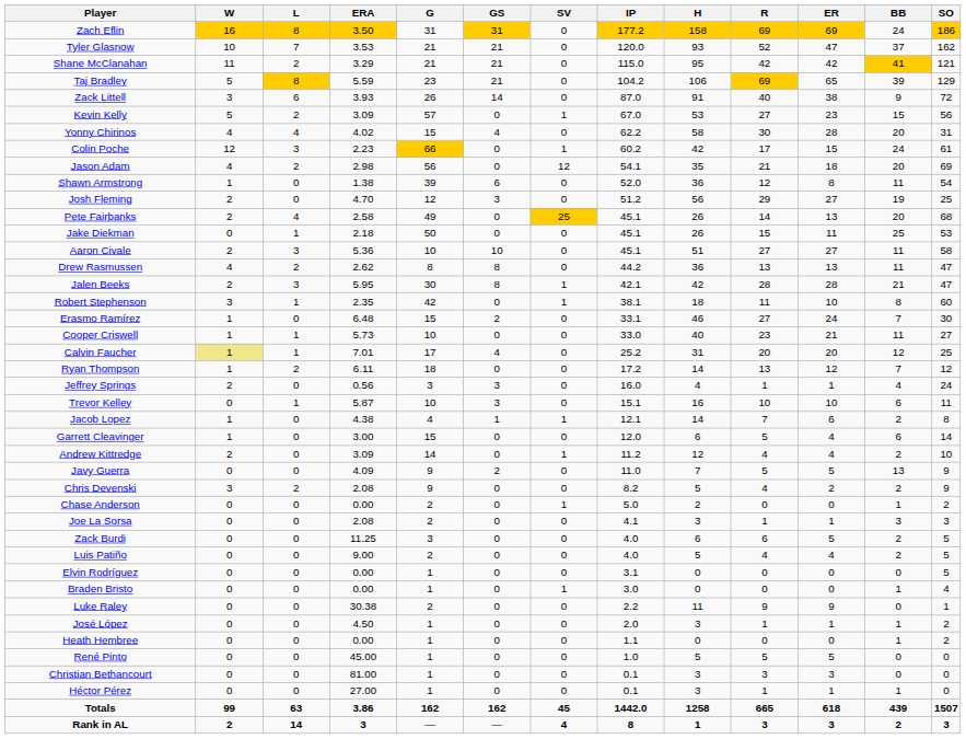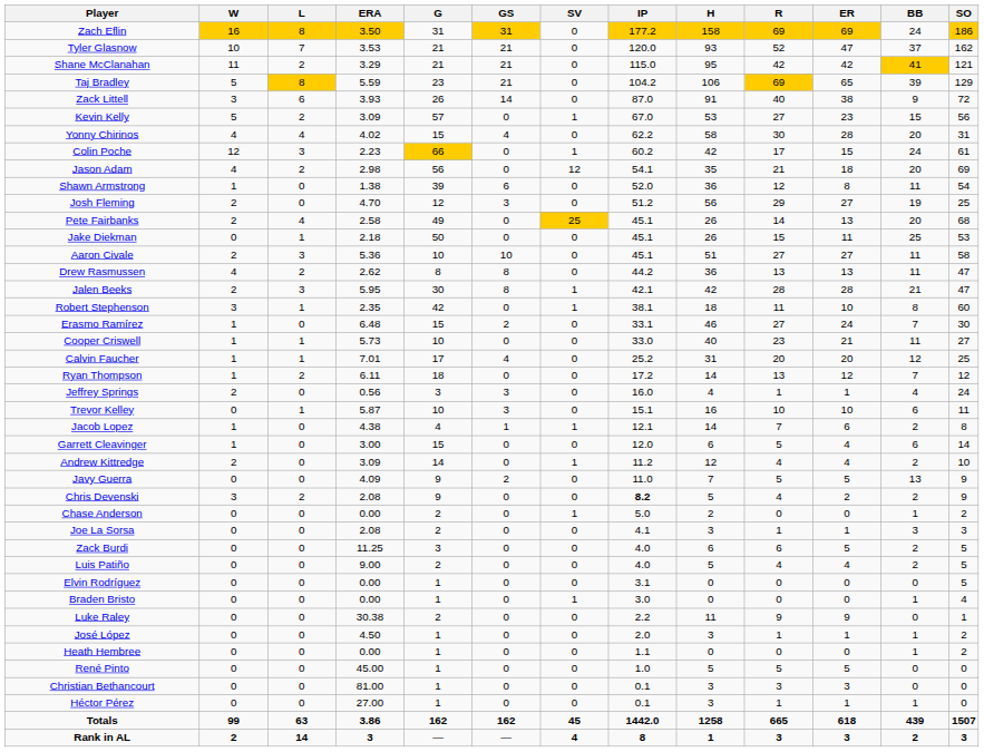 <table class=wikitable style="text-align:center">
 <tr>
 <th bgcolor=#DDDDFF; width="20%">Player</th>
 <th bgcolor=#DDDDFF; width="7%">W</th>
 <th bgcolor=#DDDDFF; width="7%">L</th>
 <th bgcolor=#DDDDFF; width="7%">ERA</th>
 <th bgcolor=#DDDDFF; width="7%">G</th>
 <th bgcolor=#DDDDFF; width="7%">GS</th>
 <th bgcolor=#DDDDFF; width="7%">SV</th>
 <th bgcolor=#DDDDFF; width="7%">IP</th>
 <th bgcolor=#DDDDFF; width="7%">H</th>
 <th bgcolor=#DDDDFF; width="7%">R</th>
 <th bgcolor=#DDDDFF; width="7%">ER</th>
 <th bgcolor=#DDDDFF; width="7%">BB</th>
 <th bgcolor=#DDDDFF; width="7%">SO</th>
 </tr>
 <tr>
 <td><a href='#'>Zach Eflin</a></td>
 <td bgcolor=#ffcc00>16</td>
 <td bgcolor=#ffcc00>8</td>
 <td bgcolor=#ffcc00>3.50</td>
 <td>31</td>
 <td bgcolor=#ffcc00>31</td>
 <td>0</td>
 <td bgcolor=#ffcc00>177.2</td>
 <td bgcolor=#ffcc00>158</td>
 <td bgcolor=#ffcc00>69</td>
 <td bgcolor=#ffcc00>69</td>
 <td>24</td>
 <td bgcolor=#ffcc00>186</td>
 </tr>
 <tr>
 <td><a href='#'>Tyler Glasnow</a></td>
 <td>10</td>
 <td>7</td>
 <td>3.53</td>
 <td>21</td>
 <td>21</td>
 <td>0</td>
 <td>120.0</td>
 <td>93</td>
 <td>52</td>
 <td>47</td>
 <td>37</td>
 <td>162</td>
 </tr>
 <tr>
 <td><a href='#'>Shane McClanahan</a></td>
 <td>11</td>
 <td>2</td>
 <td>3.29</td>
 <td>21</td>
 <td>21</td>
 <td>0</td>
 <td>115.0</td>
 <td>95</td>
 <td>42</td>
 <td>42</td>
 <td bgcolor=#ffcc00>41</td>
 <td>121</td>
 </tr>
 <tr>
 <td><a href='#'>Taj Bradley</a></td>
 <td>5</td>
 <td bgcolor=#ffccoo>8</td>
 <td>5.59</td>
 <td>23</td>
 <td>21</td>
 <td>0</td>
 <td>104.2</td>
 <td>106</td>
 <td bgcolor=#ffcc00>69</td>
 <td>65</td>
 <td>39</td>
 <td>129</td>
 </tr>
 <tr>
 <td><a href='#'>Zack Littell</a></td>
 <td>3</td>
 <td>6</td>
 <td>3.93</td>
 <td>26</td>
 <td>14</td>
 <td>0</td>
 <td>87.0</td>
 <td>91</td>
 <td>40</td>
 <td>38</td>
 <td>9</td>
 <td>72</td>
 </tr>
 <tr>
 <td><a href='#'>Kevin Kelly</a></td>
 <td>5</td>
 <td>2</td>
 <td>3.09</td>
 <td>57</td>
 <td>0</td>
 <td>1</td>
 <td>67.0</td>
 <td>53</td>
 <td>27</td>
 <td>23</td>
 <td>15</td>
 <td>56</td>
 </tr>
 <tr>
 <td><a href='#'>Yonny Chirinos</a></td>
 <td>4</td>
 <td>4</td>
 <td>4.02</td>
 <td>15</td>
 <td>4</td>
 <td>0</td>
 <td>62.2</td>
 <td>58</td>
 <td>30</td>
 <td>28</td>
 <td>20</td>
 <td>31</td>
 </tr>
 <tr>
 <td><a href='#'>Colin Poche</a></td>
 <td>12</td>
 <td>3</td>
 <td>2.23</td>
 <td bgcolor=#ffcc00>66</td>
 <td>0</td>
 <td>1</td>
 <td>60.2</td>
 <td>42</td>
 <td>17</td>
 <td>15</td>
 <td>24</td>
 <td>61</td>
 </tr>
 <tr>
 <td><a href='#'>Jason Adam</a></td>
 <td>4</td>
 <td>2</td>
 <td>2.98</td>
 <td>56</td>
 <td>0</td>
 <td>12</td>
 <td>54.1</td>
 <td>35</td>
 <td>21</td>
 <td>18</td>
 <td>20</td>
 <td>69</td>
 </tr>
 <tr>
 <td><a href='#'>Shawn Armstrong</a></td>
 <td>1</td>
 <td>0</td>
 <td>1.38</td>
 <td>39</td>
 <td>6</td>
 <td>0</td>
 <td>52.0</td>
 <td>36</td>
 <td>12</td>
 <td>8</td>
 <td>11</td>
 <td>54</td>
 </tr>
 <tr>
 <td><a href='#'>Josh Fleming</a></td>
 <td>2</td>
 <td>0</td>
 <td>4.70</td>
 <td>12</td>
 <td>3</td>
 <td>0</td>
 <td>51.2</td>
 <td>56</td>
 <td>29</td>
 <td>27</td>
 <td>19</td>
 <td>25</td>
 </tr>
 <tr>
 <td><a href='#'>Pete Fairbanks</a></td>
 <td>2</td>
 <td>4</td>
 <td>2.58</td>
 <td>49</td>
 <td>0</td>
 <td bgcolor=#ffcc00>25</td>
 <td>45.1</td>
 <td>26</td>
 <td>14</td>
 <td>13</td>
 <td>20</td>
 <td>68</td>
 </tr>
 <tr>
 <td><a href='#'>Jake Diekman</a></td>
 <td>0</td>
 <td>1</td>
 <td>2.18</td>
 <td>50</td>
 <td>0</td>
 <td>0</td>
 <td>45.1</td>
 <td>26</td>
 <td>15</td>
 <td>11</td>
 <td>25</td>
 <td>53</td>
 </tr>
 <tr>
 <td><a href='#'>Aaron Civale</a></td>
 <td>2</td>
 <td>3</td>
 <td>5.36</td>
 <td>10</td>
 <td>10</td>
 <td>0</td>
 <td>45.1</td>
 <td>51</td>
 <td>27</td>
 <td>27</td>
 <td>11</td>
 <td>58</td>
 </tr>
 <tr>
 <td><a href='#'>Drew Rasmussen</a></td>
 <td>4</td>
 <td>2</td>
 <td>2.62</td>
 <td>8</td>
 <td>8</td>
 <td>0</td>
 <td>44.2</td>
 <td>36</td>
 <td>13</td>
 <td>13</td>
 <td>11</td>
 <td>47</td>
 </tr>
 <tr>
 <td><a href='#'>Jalen Beeks</a></td>
 <td>2</td>
 <td>3</td>
 <td>5.95</td>
 <td>30</td>
 <td>8</td>
 <td>1</td>
 <td>42.1</td>
 <td>42</td>
 <td>28</td>
 <td>28</td>
 <td>21</td>
 <td>47</td>
 </tr>
 <tr>
 <td><a href='#'>Robert Stephenson</a></td>
 <td>3</td>
 <td>1</td>
 <td>2.35</td>
 <td>42</td>
 <td>0</td>
 <td>1</td>
 <td>38.1</td>
 <td>18</td>
 <td>11</td>
 <td>10</td>
 <td>8</td>
 <td>60</td>
 </tr>
 <tr>
 <td><a href='#'>Erasmo Ramírez</a></td>
 <td>1</td>
 <td>0</td>
 <td>6.48</td>
 <td>15</td>
 <td>2</td>
 <td>0</td>
 <td>33.1</td>
 <td>46</td>
 <td>27</td>
 <td>24</td>
 <td>7</td>
 <td>30</td>
 </tr>
 <tr>
 <td><a href='#'>Cooper Criswell</a></td>
 <td>1</td>
 <td>1</td>
 <td>5.73</td>
 <td>10</td>
 <td>0</td>
 <td>0</td>
 <td>33.0</td>
 <td>40</td>
 <td>23</td>
 <td>21</td>
 <td>11</td>
 <td>27</td>
 </tr>
 <tr>
 <td><a href='#'>Calvin Faucher</a></td>
-<td style="background: khaki;">1</td>
+<td>1</td>
 <td>1</td>
 <td>7.01</td>
 <td>17</td>
 <td>4</td>
 <td>0</td>
 <td>25.2</td>
 <td>31</td>
 <td>20</td>
 <td>20</td>
 <td>12</td>
 <td>25</td>
 </tr>
 <tr>
 <td><a href='#'>Ryan Thompson</a></td>
 <td>1</td>
 <td>2</td>
 <td>6.11</td>
 <td>18</td>
 <td>0</td>
 <td>0</td>
 <td>17.2</td>
 <td>14</td>
 <td>13</td>
 <td>12</td>
 <td>7</td>
 <td>12</td>
 </tr>
 <tr>
 <td><a href='#'>Jeffrey Springs</a></td>
 <td>2</td>
 <td>0</td>
 <td>0.56</td>
 <td>3</td>
 <td>3</td>
 <td>0</td>
 <td>16.0</td>
 <td>4</td>
 <td>1</td>
 <td>1</td>
 <td>4</td>
 <td>24</td>
 </tr>
 <tr>
 <td><a href='#'>Trevor Kelley</a></td>
 <td>0</td>
 <td>1</td>
 <td>5.87</td>
 <td>10</td>
 <td>3</td>
 <td>0</td>
 <td>15.1</td>
 <td>16</td>
 <td>10</td>
 <td>10</td>
 <td>6</td>
 <td>11</td>
 </tr>
 <tr>
 <td><a href='#'>Jacob Lopez</a></td>
 <td>1</td>
 <td>0</td>
 <td>4.38</td>
 <td>4</td>
 <td>1</td>
 <td>1</td>
 <td>12.1</td>
 <td>14</td>
 <td>7</td>
 <td>6</td>
 <td>2</td>
 <td>8</td>
 </tr>
 <tr>
 <td><a href='#'>Garrett Cleavinger</a></td>
 <td>1</td>
 <td>0</td>
 <td>3.00</td>
 <td>15</td>
 <td>0</td>
 <td>0</td>
 <td>12.0</td>
 <td>6</td>
 <td>5</td>
 <td>4</td>
 <td>6</td>
 <td>14</td>
 </tr>
 <tr>
 <td><a href='#'>Andrew Kittredge</a></td>
 <td>2</td>
 <td>0</td>
 <td>3.09</td>
 <td>14</td>
 <td>0</td>
 <td>1</td>
 <td>11.2</td>
 <td>12</td>
 <td>4</td>
 <td>4</td>
 <td>2</td>
 <td>10</td>
 </tr>
 <tr>
 <td><a href='#'>Javy Guerra</a></td>
 <td>0</td>
 <td>0</td>
 <td>4.09</td>
 <td>9</td>
 <td>2</td>
 <td>0</td>
 <td>11.0</td>
 <td>7</td>
 <td>5</td>
 <td>5</td>
 <td>13</td>
 <td>9</td>
 </tr>
 <tr>
 <td><a href='#'>Chris Devenski</a></td>
 <td>3</td>
 <td>2</td>
 <td>2.08</td>
 <td>9</td>
 <td>0</td>
 <td>0</td>
-<td>8.2</td>
+<td><strong>8.2</strong></td>
 <td>5</td>
 <td>4</td>
 <td>2</td>
 <td>2</td>
 <td>9</td>
 </tr>
 <tr>
 <td><a href='#'>Chase Anderson</a></td>
 <td>0</td>
 <td>0</td>
 <td>0.00</td>
 <td>2</td>
 <td>0</td>
 <td>1</td>
 <td>5.0</td>
 <td>2</td>
 <td>0</td>
 <td>0</td>
 <td>1</td>
 <td>2</td>
 </tr>
 <tr>
 <td><a href='#'>Joe La Sorsa</a></td>
 <td>0</td>
 <td>0</td>
 <td>2.08</td>
 <td>2</td>
 <td>0</td>
 <td>0</td>
 <td>4.1</td>
 <td>3</td>
 <td>1</td>
 <td>1</td>
 <td>3</td>
 <td>3</td>
 </tr>
 <tr>
 <td><a href='#'>Zack Burdi</a></td>
 <td>0</td>
 <td>0</td>
 <td>11.25</td>
 <td>3</td>
 <td>0</td>
 <td>0</td>
 <td>4.0</td>
 <td>6</td>
 <td>6</td>
 <td>5</td>
 <td>2</td>
 <td>5</td>
 </tr>
 <tr>
 <td><a href='#'>Luis Patiño</a></td>
 <td>0</td>
 <td>0</td>
 <td>9.00</td>
 <td>2</td>
 <td>0</td>
 <td>0</td>
 <td>4.0</td>
 <td>5</td>
 <td>4</td>
 <td>4</td>
 <td>2</td>
 <td>5</td>
 </tr>
 <tr>
 <td><a href='#'>Elvin Rodríguez</a></td>
 <td>0</td>
 <td>0</td>
 <td>0.00</td>
 <td>1</td>
 <td>0</td>
 <td>0</td>
 <td>3.1</td>
 <td>0</td>
 <td>0</td>
 <td>0</td>
 <td>0</td>
 <td>5</td>
 </tr>
 <tr>
 <td><a href='#'>Braden Bristo</a></td>
 <td>0</td>
 <td>0</td>
 <td>0.00</td>
 <td>1</td>
 <td>0</td>
 <td>1</td>
 <td>3.0</td>
 <td>0</td>
 <td>0</td>
 <td>0</td>
 <td>1</td>
 <td>4</td>
 </tr>
 <tr>
 <td><a href='#'>Luke Raley</a></td>
 <td>0</td>
 <td>0</td>
 <td>30.38</td>
 <td>2</td>
 <td>0</td>
 <td>0</td>
 <td>2.2</td>
 <td>11</td>
 <td>9</td>
 <td>9</td>
 <td>0</td>
 <td>1</td>
 </tr>
 <tr>
 <td><a href='#'>José López</a></td>
 <td>0</td>
 <td>0</td>
 <td>4.50</td>
 <td>1</td>
 <td>0</td>
 <td>0</td>
 <td>2.0</td>
 <td>3</td>
 <td>1</td>
 <td>1</td>
 <td>1</td>
 <td>2</td>
 </tr>
 <tr>
 <td><a href='#'>Heath Hembree</a></td>
 <td>0</td>
 <td>0</td>
 <td>0.00</td>
 <td>1</td>
 <td>0</td>
 <td>0</td>
 <td>1.1</td>
 <td>0</td>
 <td>0</td>
 <td>0</td>
 <td>1</td>
 <td>2</td>
 </tr>
 <tr>
 <td><a href='#'>René Pinto</a></td>
 <td>0</td>
 <td>0</td>
 <td>45.00</td>
 <td>1</td>
 <td>0</td>
 <td>0</td>
 <td>1.0</td>
 <td>5</td>
 <td>5</td>
 <td>5</td>
 <td>0</td>
 <td>0</td>
 </tr>
 <tr>
 <td><a href='#'>Christian Bethancourt</a></td>
 <td>0</td>
 <td>0</td>
 <td>81.00</td>
 <td>1</td>
 <td>0</td>
 <td>0</td>
 <td>0.1</td>
 <td>3</td>
 <td>3</td>
 <td>3</td>
 <td>0</td>
 <td>0</td>
 </tr>
 <tr>
 <td><a href='#'>Héctor Pérez</a></td>
 <td>0</td>
 <td>0</td>
 <td>27.00</td>
 <td>1</td>
 <td>0</td>
 <td>0</td>
 <td>0.1</td>
 <td>3</td>
 <td>1</td>
 <td>1</td>
 <td>1</td>
 <td>0</td>
 </tr>
 <tr>
 <td><strong>Totals</strong></td>
 <td><strong>99</strong></td>
 <td><strong>63</strong></td>
 <td><strong>3.86</strong></td>
 <td><strong>162</strong></td>
 <td><strong>162</strong></td>
 <td><strong>45</strong></td>
 <td><strong>1442.0</strong></td>
 <td><strong>1258</strong></td>
 <td><strong>665</strong></td>
 <td><strong>618</strong></td>
 <td><strong>439</strong></td>
 <td><strong>1507</strong></td>
 </tr>
 <tr>
 <td><strong>Rank in AL</strong></td>
 <td><strong>2</strong></td>
 <td><strong>14</strong></td>
 <td><strong>3</strong></td>
 <td>—</td>
 <td>—</td>
 <td><strong>4</strong></td>
 <td><strong>8</strong></td>
 <td><strong>1</strong></td>
 <td><strong>3</strong></td>
 <td><strong>3</strong></td>
 <td><strong>2</strong></td>
 <td><strong>3</strong></td>
 </tr>
 </table>
